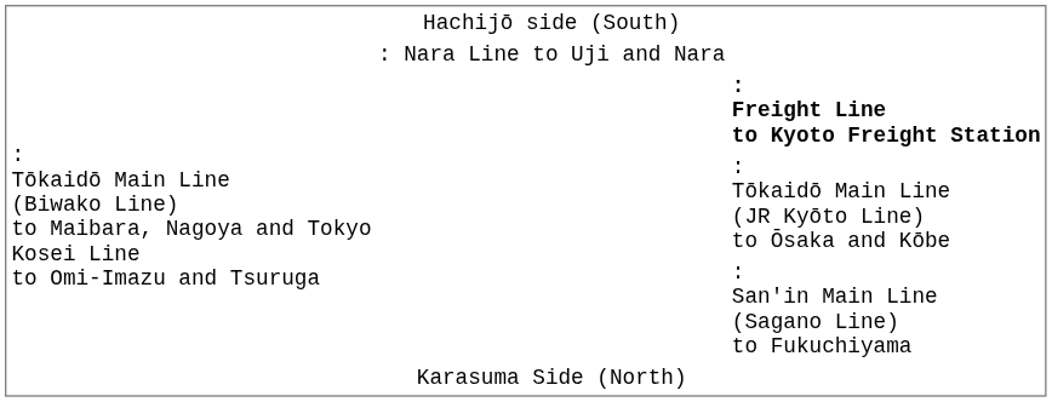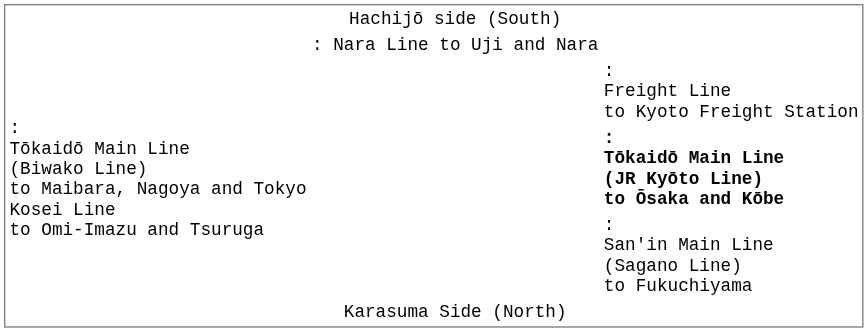 <table style="border:1px solid grey;">
 <tr>
 <td></td>
 <td align=center>Hachijō side (South)</td>
 </tr>
 <tr>
 <td></td>
 <td align=left>: Nara Line to Uji and Nara</td>
 </tr>
 <tr>
 <td valign=middle rowspan=3>:<br>Tōkaidō Main Line<br>(Biwako Line)<br>to Maibara, Nagoya and Tokyo<br>Kosei Line<br>to Omi-Imazu and Tsuruga</td>
 <td valign=middle rowspan=3></td>
-<td valign=bottom><strong>:<br>Freight Line<br>to Kyoto Freight Station</strong></td>
+<td valign=bottom>:<br>Freight Line<br>to Kyoto Freight Station</td>
 </tr>
 <tr>
-<td valign=middle>:<br>Tōkaidō Main Line<br>(JR Kyōto Line)<br>to Ōsaka and Kōbe</td>
+<td valign=middle><strong>:<br>Tōkaidō Main Line<br>(JR Kyōto Line)<br>to Ōsaka and Kōbe</strong></td>
 </tr>
 <tr>
 <td valign=top>:<br>San'in Main Line<br>(Sagano Line)<br>to Fukuchiyama</td>
 </tr>
 <tr>
 <td></td>
 <td align=center>Karasuma Side (North)</td>
 <td></td>
 </tr>
 </table>
